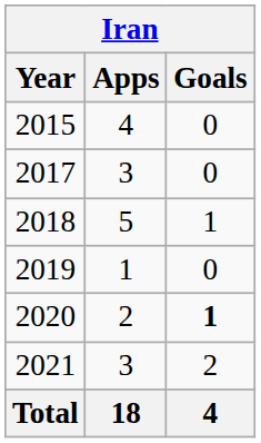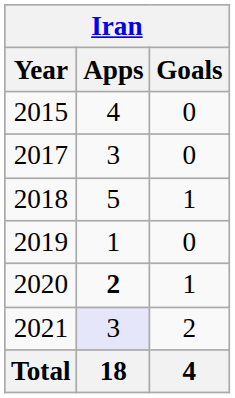 <table class="wikitable" style="text-align:center">
 <tr>
 <th colspan=3><a href='#'>Iran</a></th>
 </tr>
 <tr>
 <th>Year</th>
 <th>Apps</th>
 <th>Goals</th>
 </tr>
 <tr>
 <td>2015</td>
 <td>4</td>
 <td>0</td>
 </tr>
 <tr>
 <td>2017</td>
 <td>3</td>
 <td>0</td>
 </tr>
 <tr>
 <td>2018</td>
 <td>5</td>
 <td>1</td>
 </tr>
 <tr>
 <td>2019</td>
 <td>1</td>
 <td>0</td>
 </tr>
 <tr>
 <td>2020</td>
-<td>2</td>
-<td><strong>1</strong></td>
+<td><strong>2</strong></td>
+<td>1</td>
 </tr>
 <tr>
 <td>2021</td>
-<td>3</td>
+<td style="background: lavender;">3</td>
 <td>2</td>
 </tr>
 <tr>
 <th>Total</th>
 <th>18</th>
 <th>4</th>
 </tr>
 </table>
